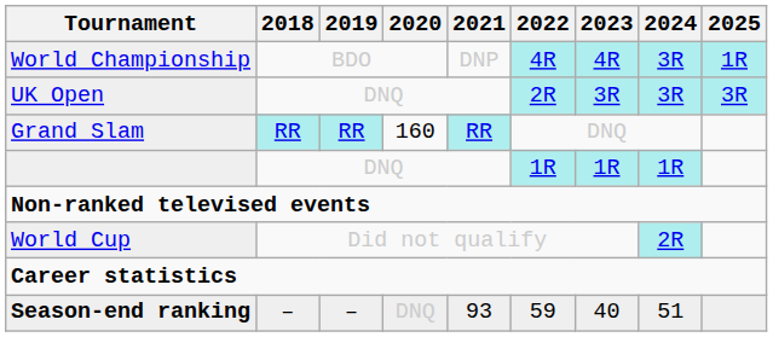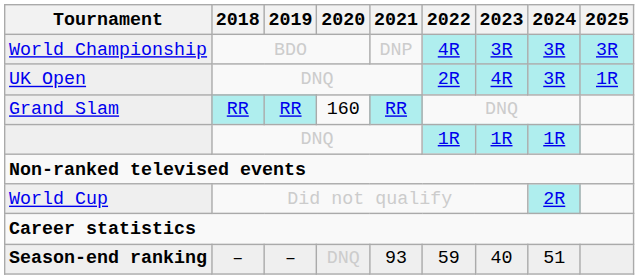 <table class="wikitable">
 <tr>
 <th>Tournament</th>
 <th>2018</th>
 <th>2019</th>
 <th>2020</th>
 <th>2021</th>
 <th>2022</th>
 <th>2023</th>
 <th>2024</th>
 <th>2025</th>
 </tr>
 <tr>
 <td style="background:#efefef;"><a href='#'>World Championship</a></td>
 <td colspan="3" style="text-align:center; color:#ccc;">BDO</td>
 <td style="text-align:center; color:#ccc;">DNP</td>
 <td style="text-align:center; background:#afeeee;"><a href='#'>4R</a></td>
-<td style="text-align:center; background:#afeeee;"><a href='#'>4R</a></td>
 <td style="text-align:center; background:#afeeee;"><a href='#'>3R</a></td>
-<td style="text-align:center; background:#afeeee;"><a href='#'>1R</a></td>
+<td style="text-align:center; background:#afeeee;"><a href='#'>3R</a></td>
+<td style="text-align:center; background:#afeeee;"><a href='#'>3R</a></td>
 </tr>
 <tr>
 <td style="background:#efefef;"><a href='#'>UK Open</a></td>
 <td colspan="4" style="text-align:center; color:#ccc;">DNQ</td>
 <td style="text-align:center; background:#afeeee;"><a href='#'>2R</a></td>
+<td style="text-align:center; background:#afeeee;"><a href='#'>4R</a></td>
 <td style="text-align:center; background:#afeeee;"><a href='#'>3R</a></td>
-<td style="text-align:center; background:#afeeee;"><a href='#'>3R</a></td>
-<td style="text-align:center; background:#afeeee;"><a href='#'>3R</a></td>
+<td style="text-align:center; background:#afeeee;"><a href='#'>1R</a></td>
 </tr>
 <tr>
 <td style="background:#efefef;"><a href='#'>Grand Slam</a></td>
 <td style="text-align:center; background:#afeeee;"><a href='#'>RR</a></td>
 <td style="text-align:center; background:#afeeee;"><a href='#'>RR</a></td>
 <td style="text-align:center;">160</td>
 <td style="text-align:center; background:#afeeee;"><a href='#'>RR</a></td>
 <td colspan="3" style="text-align:center; color:#ccc;">DNQ</td>
 <td></td>
 </tr>
 <tr>
 <td style="background:#efefef;"></td>
 <td colspan="4" style="text-align:center; color:#ccc;">DNQ</td>
 <td style="text-align:center; background:#afeeee;"><a href='#'>1R</a></td>
 <td style="text-align:center; background:#afeeee;"><a href='#'>1R</a></td>
 <td style="text-align:center; background:#afeeee;"><a href='#'>1R</a></td>
 <td></td>
 </tr>
 <tr>
 <td colspan="21" align="left"><strong>Non-ranked televised events</strong></td>
 </tr>
 <tr>
 <td style="background:#efefef;"><a href='#'>World Cup</a></td>
 <td colspan="6" style="text-align:center; color:#ccc;">Did not qualify</td>
 <td style="text-align:center; background:#afeeee;"><a href='#'>2R</a></td>
 <td></td>
 </tr>
 <tr>
 <td colspan="21" align="left"><strong>Career statistics</strong></td>
 </tr>
 <tr bgcolor="efefef">
 <td align="left"><strong>Season-end ranking</strong></td>
 <td style="text-align:center;">–</td>
 <td style="text-align:center;">–</td>
 <td style="text-align:center; color:#ccc;">DNQ</td>
 <td style="text-align:center;">93</td>
 <td style="text-align:center;">59</td>
 <td style="text-align:center;">40</td>
 <td style="text-align:center;">51</td>
 <td></td>
 </tr>
 </table>
